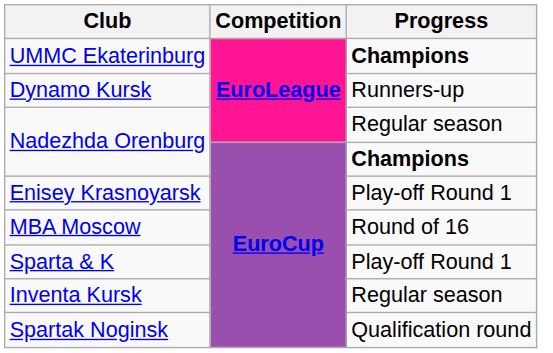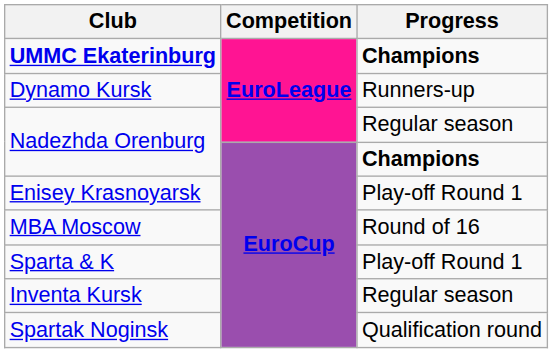 <table class="wikitable sortable">
 <tr>
 <th>Club</th>
 <th>Competition</th>
 <th>Progress</th>
 </tr>
 <tr>
-<td><a href='#'>UMMC Ekaterinburg</a></td>
+<td><strong><a href='#'>UMMC Ekaterinburg</a></strong></td>
 <td rowspan=3 style="background-color:#FF1493;color:#D0D3D4;text-align:center"><strong><a href='#'><span>EuroLeague</span></a></strong></td>
 <td><strong>Champions</strong></td>
 </tr>
 <tr>
 <td><a href='#'>Dynamo Kursk</a></td>
 <td>Runners-up</td>
 </tr>
 <tr>
 <td rowspan=2><a href='#'>Nadezhda Orenburg</a></td>
 <td>Regular season</td>
 </tr>
 <tr>
 <td rowspan=6 style="background-color:#9A4EAE;color:#D0D3D4;text-align:center"><strong><a href='#'><span>EuroCup</span></a></strong></td>
 <td><strong>Champions</strong></td>
 </tr>
 <tr>
 <td><a href='#'>Enisey Krasnoyarsk</a></td>
 <td>Play-off Round 1</td>
 </tr>
 <tr>
 <td><a href='#'>MBA Moscow</a></td>
 <td>Round of 16</td>
 </tr>
 <tr>
 <td><a href='#'>Sparta & K</a></td>
 <td>Play-off Round 1</td>
 </tr>
 <tr>
 <td><a href='#'>Inventa Kursk</a></td>
 <td>Regular season</td>
 </tr>
 <tr>
 <td><a href='#'>Spartak Noginsk</a></td>
 <td>Qualification round</td>
 </tr>
 </table>
